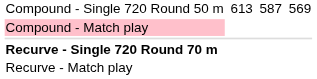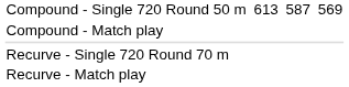 <table>
 <tr>
 <td>Compound - Single 720 Round 50 m</td>
 <td></td>
 <td>613</td>
 <td></td>
 <td>587</td>
 <td></td>
 <td>569</td>
 </tr>
 <tr>
-<td style="background: pink;">Compound - Match play</td>
+<td>Compound - Match play</td>
 <td></td>
 <td></td>
 <td></td>
 <td></td>
 <td></td>
 <td></td>
 </tr>
 <tr bgcolor=#ddd>
 <td colspan=8></td>
 </tr>
 <tr>
-<td><strong>Recurve - Single 720 Round 70 m</strong></td>
+<td>Recurve - Single 720 Round 70 m</td>
 <td></td>
 <td></td>
 <td></td>
 <td></td>
 <td></td>
 <td></td>
 </tr>
 <tr>
 <td>Recurve - Match play</td>
 <td></td>
 <td></td>
 <td></td>
 <td></td>
 <td></td>
 <td></td>
 </tr>
 </table>
